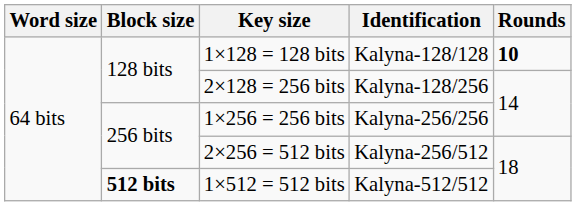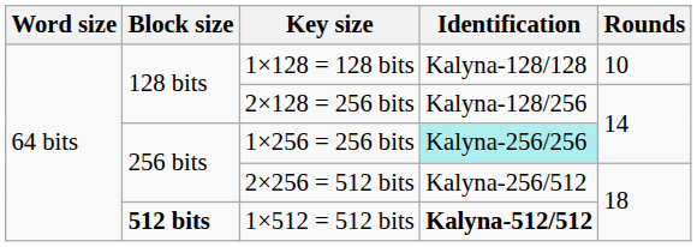 <table class="wikitable">
 <tr>
 <th>Word size</th>
 <th>Block size</th>
 <th>Key size</th>
 <th>Identification</th>
 <th>Rounds</th>
 </tr>
 <tr>
 <td rowspan="5">64 bits</td>
 <td rowspan="2">128 bits</td>
 <td>1×128 = 128 bits</td>
 <td>Kalyna-128/128</td>
-<td><strong>10</strong></td>
+<td>10</td>
 </tr>
 <tr>
 <td>2×128 = 256 bits</td>
 <td>Kalyna-128/256</td>
 <td rowspan="2">14</td>
 </tr>
 <tr>
 <td rowspan="2">256 bits</td>
 <td>1×256 = 256 bits</td>
-<td>Kalyna-256/256</td>
+<td style="background: paleturquoise;">Kalyna-256/256</td>
 </tr>
 <tr>
 <td>2×256 = 512 bits</td>
 <td>Kalyna-256/512</td>
 <td rowspan="2">18</td>
 </tr>
 <tr>
 <td><strong>512 bits</strong></td>
 <td>1×512 = 512 bits</td>
-<td>Kalyna-512/512</td>
+<td><strong>Kalyna-512/512</strong></td>
 </tr>
 </table>
